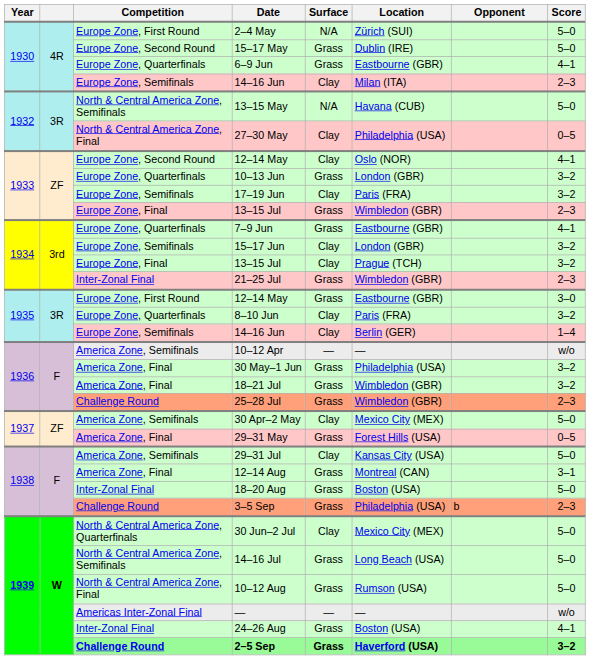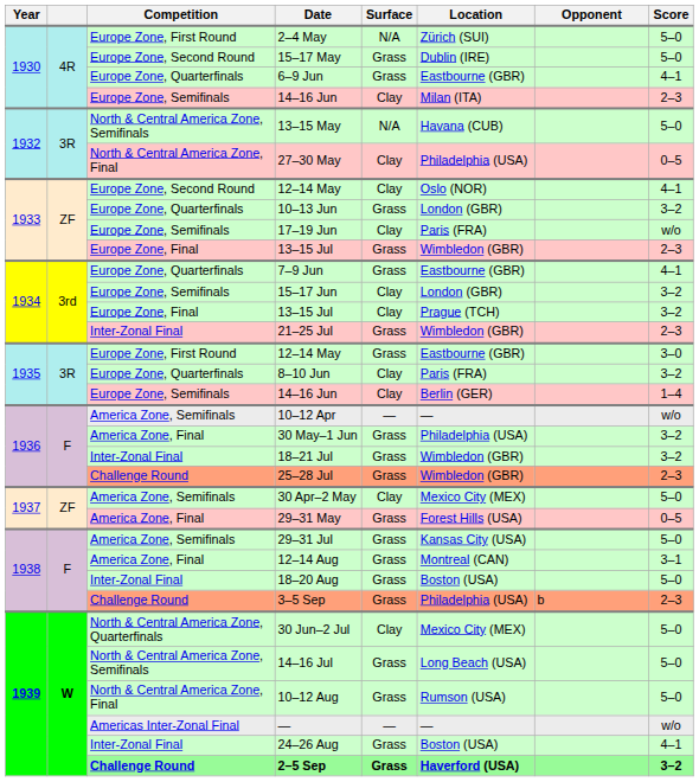 <table class="wikitable">
 <tr>
 <th width="50">Year</th>
 <th width="50"></th>
 <th width="280">Competition</th>
 <th width="125">Date</th>
 <th width="65">Surface</th>
 <th width="160">Location</th>
 <th width="160">Opponent</th>
 <th width="50">Score</th>
 </tr>
 <tr style="border-top:3px solid gray; background-color:#ccffcc">
 <td align="center" rowspan="4" bgcolor="afeeee"><a href='#'>1930</a></td>
 <td align="center" rowspan="4" bgcolor="afeeee">4R</td>
 <td><a href='#'>Europe Zone</a>, First Round</td>
 <td>2–4 May</td>
 <td align="center">N/A</td>
 <td><a href='#'>Zürich</a> (SUI)</td>
 <td></td>
 <td align="center">5–0</td>
 </tr>
 <tr style="background-color:#ccffcc">
 <td><a href='#'>Europe Zone</a>, Second Round</td>
 <td>15–17 May</td>
 <td align="center">Grass</td>
 <td><a href='#'>Dublin</a> (IRE)</td>
 <td></td>
 <td align="center">5–0</td>
 </tr>
 <tr style="background-color:#ccffcc">
 <td><a href='#'>Europe Zone</a>, Quarterfinals</td>
 <td>6–9 Jun</td>
 <td align="center">Grass</td>
 <td><a href='#'>Eastbourne</a> (GBR)</td>
 <td></td>
 <td align="center">4–1</td>
 </tr>
 <tr style="background-color:#ffc7c7">
 <td><a href='#'>Europe Zone</a>, Semifinals</td>
 <td>14–16 Jun</td>
 <td align="center">Clay</td>
 <td><a href='#'>Milan</a> (ITA)</td>
 <td></td>
 <td align="center">2–3</td>
 </tr>
 <tr style="border-top:3px solid gray; background-color:#ccffcc">
 <td align="center" rowspan="2" bgcolor="afeeee"><a href='#'>1932</a></td>
 <td align="center" rowspan="2" bgcolor="afeeee">3R</td>
 <td><a href='#'>North & Central America Zone</a>, Semifinals</td>
 <td>13–15 May</td>
 <td align="center">N/A</td>
 <td><a href='#'>Havana</a> (CUB)</td>
 <td></td>
 <td align="center">5–0</td>
 </tr>
 <tr style="background-color:#ffc7c7">
 <td><a href='#'>North & Central America Zone</a>, Final</td>
 <td>27–30 May</td>
 <td align="center">Clay</td>
 <td><a href='#'>Philadelphia</a> (USA)</td>
 <td></td>
 <td align="center">0–5</td>
 </tr>
 <tr style="border-top:3px solid gray; background-color:#ccffcc">
 <td align="center" rowspan="4" bgcolor="#ffebcd"><a href='#'>1933</a></td>
 <td align="center" rowspan="4" bgcolor="#ffebcd">ZF</td>
 <td><a href='#'>Europe Zone</a>, Second Round</td>
 <td>12–14 May</td>
 <td align="center">Clay</td>
 <td><a href='#'>Oslo</a> (NOR)</td>
 <td></td>
 <td align="center">4–1</td>
 </tr>
 <tr style="background-color:#ccffcc">
 <td><a href='#'>Europe Zone</a>, Quarterfinals</td>
 <td>10–13 Jun</td>
 <td align="center">Grass</td>
 <td><a href='#'>London</a> (GBR)</td>
 <td></td>
 <td align="center">3–2</td>
 </tr>
 <tr style="background-color:#ccffcc">
 <td><a href='#'>Europe Zone</a>, Semifinals</td>
 <td>17–19 Jun</td>
 <td align="center">Clay</td>
 <td><a href='#'>Paris</a> (FRA)</td>
 <td></td>
-<td align="center">3–2</td>
+<td align="center" bgcolor=>w/o</td>
 </tr>
 <tr style="background-color:#ffc7c7">
 <td><a href='#'>Europe Zone</a>, Final</td>
 <td>13–15 Jul</td>
 <td align="center">Grass</td>
 <td><a href='#'>Wimbledon</a> (GBR)</td>
 <td></td>
 <td align="center">2–3</td>
 </tr>
 <tr style="border-top:3px solid gray; background-color:#ccffcc">
 <td align="center" rowspan="4" bgcolor="yellow"><a href='#'>1934</a></td>
 <td align="center" rowspan="4" bgcolor="yellow">3rd</td>
 <td><a href='#'>Europe Zone</a>, Quarterfinals</td>
 <td>7–9 Jun</td>
 <td align="center">Grass</td>
 <td><a href='#'>Eastbourne</a> (GBR)</td>
 <td></td>
 <td align="center">4–1</td>
 </tr>
 <tr style="background-color:#ccffcc">
 <td><a href='#'>Europe Zone</a>, Semifinals</td>
 <td>15–17 Jun</td>
 <td align="center">Clay</td>
 <td><a href='#'>London</a> (GBR)</td>
 <td></td>
 <td align="center">3–2</td>
 </tr>
 <tr style="background-color:#ccffcc">
 <td><a href='#'>Europe Zone</a>, Final</td>
 <td>13–15 Jul</td>
 <td align="center">Clay</td>
 <td><a href='#'>Prague</a> (TCH)</td>
 <td></td>
 <td align="center">3–2</td>
 </tr>
 <tr style="background-color:#ffc7c7">
 <td><a href='#'>Inter-Zonal Final</a></td>
 <td>21–25 Jul</td>
 <td align="center">Grass</td>
 <td><a href='#'>Wimbledon</a> (GBR)</td>
 <td></td>
 <td align="center">2–3</td>
 </tr>
 <tr style="border-top:3px solid gray; background-color:#ccffcc">
 <td align="center" rowspan="3" bgcolor="afeeee"><a href='#'>1935</a></td>
 <td align="center" rowspan="3" bgcolor="afeeee">3R</td>
 <td><a href='#'>Europe Zone</a>, First Round</td>
 <td>12–14 May</td>
 <td align="center">Grass</td>
 <td><a href='#'>Eastbourne</a> (GBR)</td>
 <td></td>
 <td align="center">3–0</td>
 </tr>
 <tr style="background-color:#ccffcc">
 <td><a href='#'>Europe Zone</a>, Quarterfinals</td>
 <td>8–10 Jun</td>
 <td align="center">Clay</td>
 <td><a href='#'>Paris</a> (FRA)</td>
 <td></td>
 <td align="center">3–2</td>
 </tr>
 <tr style="background-color:#ffc7c7">
 <td><a href='#'>Europe Zone</a>, Semifinals</td>
 <td>14–16 Jun</td>
 <td align="center">Clay</td>
 <td><a href='#'>Berlin</a> (GER)</td>
 <td></td>
 <td align="center">1–4</td>
 </tr>
 <tr style="border-top:3px solid gray; background-color:#ececec">
 <td align="center" rowspan="4" bgcolor="D8BFD8"><a href='#'>1936</a></td>
 <td align="center" rowspan="4" bgcolor="D8BFD8">F</td>
 <td><a href='#'>America Zone</a>, Semifinals</td>
 <td>10–12 Apr</td>
 <td align="center" bgcolor=>—</td>
 <td bgcolor=>—</td>
 <td bgcolor=></td>
 <td align="center" bgcolor=>w/o</td>
 </tr>
 <tr style="background-color:#ccffcc">
 <td><a href='#'>America Zone</a>, Final</td>
 <td>30 May–1 Jun</td>
 <td align="center">Grass</td>
 <td><a href='#'>Philadelphia</a> (USA)</td>
 <td></td>
 <td align="center">3–2</td>
 </tr>
 <tr style="background-color:#ccffcc">
-<td><a href='#'>America Zone</a>, Final</td>
+<td><a href='#'>Inter-Zonal Final</a></td>
 <td>18–21 Jul</td>
 <td align="center">Grass</td>
 <td><a href='#'>Wimbledon</a> (GBR)</td>
 <td></td>
 <td align="center">3–2</td>
 </tr>
 <tr style="background-color:#ffa07a">
 <td><a href='#'>Challenge Round</a></td>
 <td>25–28 Jul</td>
 <td align="center">Grass</td>
 <td><a href='#'>Wimbledon</a> (GBR)</td>
 <td></td>
 <td align="center">2–3</td>
 </tr>
 <tr style="border-top:3px solid gray; background-color:#ccffcc">
 <td align="center" rowspan="2" bgcolor="ffebcd"><a href='#'>1937</a></td>
 <td align="center" rowspan="2" bgcolor="ffebcd">ZF</td>
 <td><a href='#'>America Zone</a>, Semifinals</td>
 <td>30 Apr–2 May</td>
 <td align="center">Clay</td>
 <td><a href='#'>Mexico City</a> (MEX)</td>
 <td></td>
 <td align="center">5–0</td>
 </tr>
 <tr style="background-color:#ffc7c7">
 <td><a href='#'>America Zone</a>, Final</td>
 <td>29–31 May</td>
 <td align="center">Grass</td>
 <td><a href='#'>Forest Hills</a> (USA)</td>
 <td></td>
 <td align="center">0–5</td>
 </tr>
 <tr style="border-top:3px solid gray; background-color:#ccffcc">
 <td align="center" rowspan="4" bgcolor="#d8bfd8"><a href='#'>1938</a></td>
 <td align="center" rowspan="4" bgcolor="#d8bfd8">F</td>
 <td><a href='#'>America Zone</a>, Semifinals</td>
 <td>29–31 Jul</td>
-<td align="center">Clay</td>
+<td align="center">Grass</td>
 <td><a href='#'>Kansas City</a> (USA) </td>
 <td></td>
 <td align="center">5–0</td>
 </tr>
 <tr style="background-color:#ccffcc">
 <td><a href='#'>America Zone</a>, Final</td>
 <td>12–14 Aug</td>
 <td align="center">Grass</td>
 <td><a href='#'>Montreal</a> (CAN) </td>
 <td></td>
 <td align="center">3–1</td>
 </tr>
 <tr style="background-color:#ccffcc">
 <td><a href='#'>Inter-Zonal Final</a></td>
 <td>18–20 Aug</td>
 <td align="center">Grass</td>
 <td><a href='#'>Boston</a> (USA)</td>
 <td></td>
 <td align="center">5–0</td>
 </tr>
 <tr style="background-color:#ffa07a">
 <td><a href='#'>Challenge Round</a></td>
 <td>3–5 Sep</td>
 <td align="center">Grass</td>
 <td><a href='#'>Philadelphia</a> (USA)</td>
 <td>b</td>
 <td align="center">2–3</td>
 </tr>
 <tr style="border-top:3px solid gray; background-color:#ccffcc">
 <td align="center" rowspan="6" bgcolor="#00ff00"><strong><a href='#'>1939</a></strong></td>
 <td align="center" rowspan="6" bgcolor="#00ff00"><strong>W</strong></td>
 <td><a href='#'>North & Central America Zone</a>, Quarterfinals</td>
 <td>30 Jun–2 Jul</td>
 <td align="center">Clay</td>
 <td><a href='#'>Mexico City</a> (MEX)</td>
 <td></td>
 <td align="center">5–0</td>
 </tr>
 <tr style="background-color:#ccffcc">
 <td><a href='#'>North & Central America Zone</a>, Semifinals</td>
 <td>14–16 Jul</td>
 <td align="center">Grass</td>
 <td><a href='#'>Long Beach</a> (USA)</td>
 <td></td>
 <td align="center">5–0</td>
 </tr>
 <tr style="background-color:#ccffcc">
 <td><a href='#'>North & Central America Zone</a>, Final</td>
 <td>10–12 Aug</td>
 <td align="center">Grass</td>
 <td><a href='#'>Rumson</a> (USA)</td>
 <td></td>
 <td align="center">5–0</td>
 </tr>
 <tr style="background-color:#ececec">
 <td><a href='#'>Americas Inter-Zonal Final</a></td>
 <td>—</td>
 <td align="center">—</td>
 <td bgcolor=>—</td>
 <td bgcolor=></td>
 <td align="center">w/o</td>
 </tr>
 <tr style="background-color:#ccffcc">
 <td><a href='#'>Inter-Zonal Final</a></td>
 <td>24–26 Aug</td>
 <td align="center">Grass</td>
 <td><a href='#'>Boston</a> (USA)</td>
 <td></td>
 <td align="center">4–1</td>
 </tr>
 <tr style="background-color:#98fb98; font-weight:bold">
 <td><a href='#'>Challenge Round</a></td>
 <td>2–5 Sep</td>
 <td align="center">Grass</td>
 <td><a href='#'>Haverford</a> (USA) </td>
 <td></td>
 <td align="center">3–2</td>
 </tr>
 </table>
